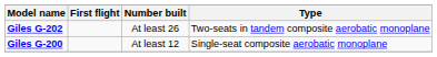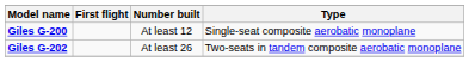 <table class="wikitable" align=center style="font-size:90%;">
 <tr>
 </tr>
 <tr style="background:#efefef;">
 <th>Model name</th>
 <th>First flight</th>
 <th>Number built</th>
 <th>Type</th>
 </tr>
 <tr>
+<td align=left><strong><a href='#'>Giles G-200</a></strong></td>
+<td align=center></td>
+<td align=center>At least 12</td>
+<td align=left>Single-seat composite <a href='#'>aerobatic</a> <a href='#'>monoplane</a></td>
+</tr>
+<tr>
 <td align=left><strong><a href='#'>Giles G-202</a></strong></td>
 <td align=center></td>
 <td align=center>At least 26</td>
 <td align=left>Two-seats in <a href='#'>tandem</a> composite <a href='#'>aerobatic</a> <a href='#'>monoplane</a></td>
 </tr>
 <tr>
-<td align=left><strong><a href='#'>Giles G-200</a></strong></td>
-<td align=center></td>
-<td align=center>At least 12</td>
-<td align=left>Single-seat composite <a href='#'>aerobatic</a> <a href='#'>monoplane</a></td>
-</tr>
-<tr>
 </tr>
 </table>
